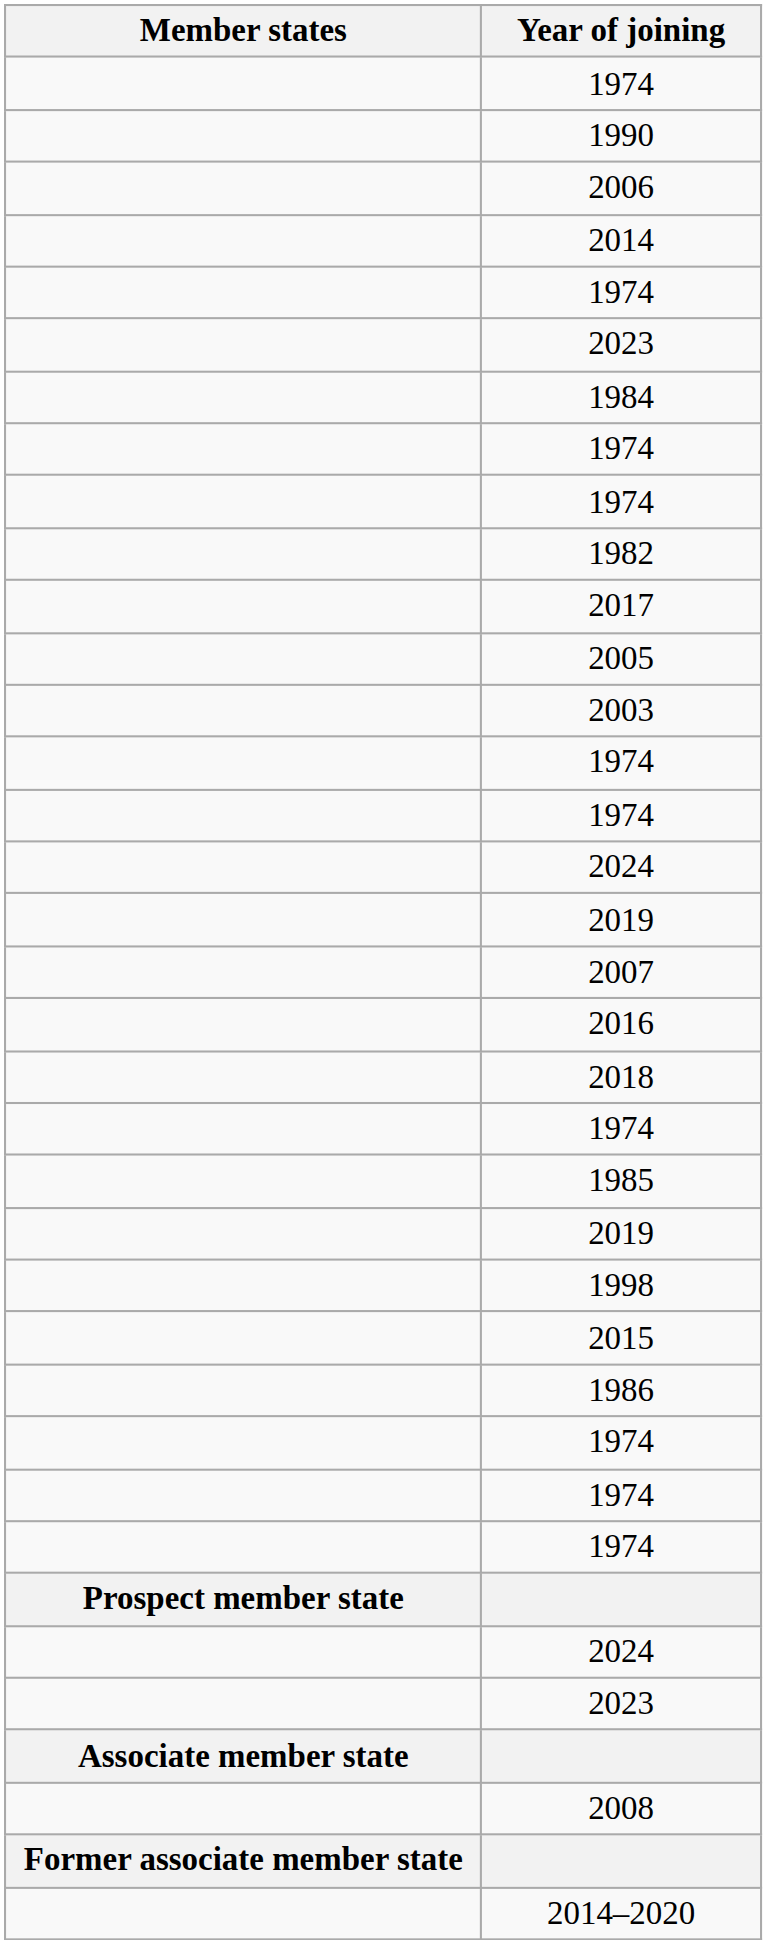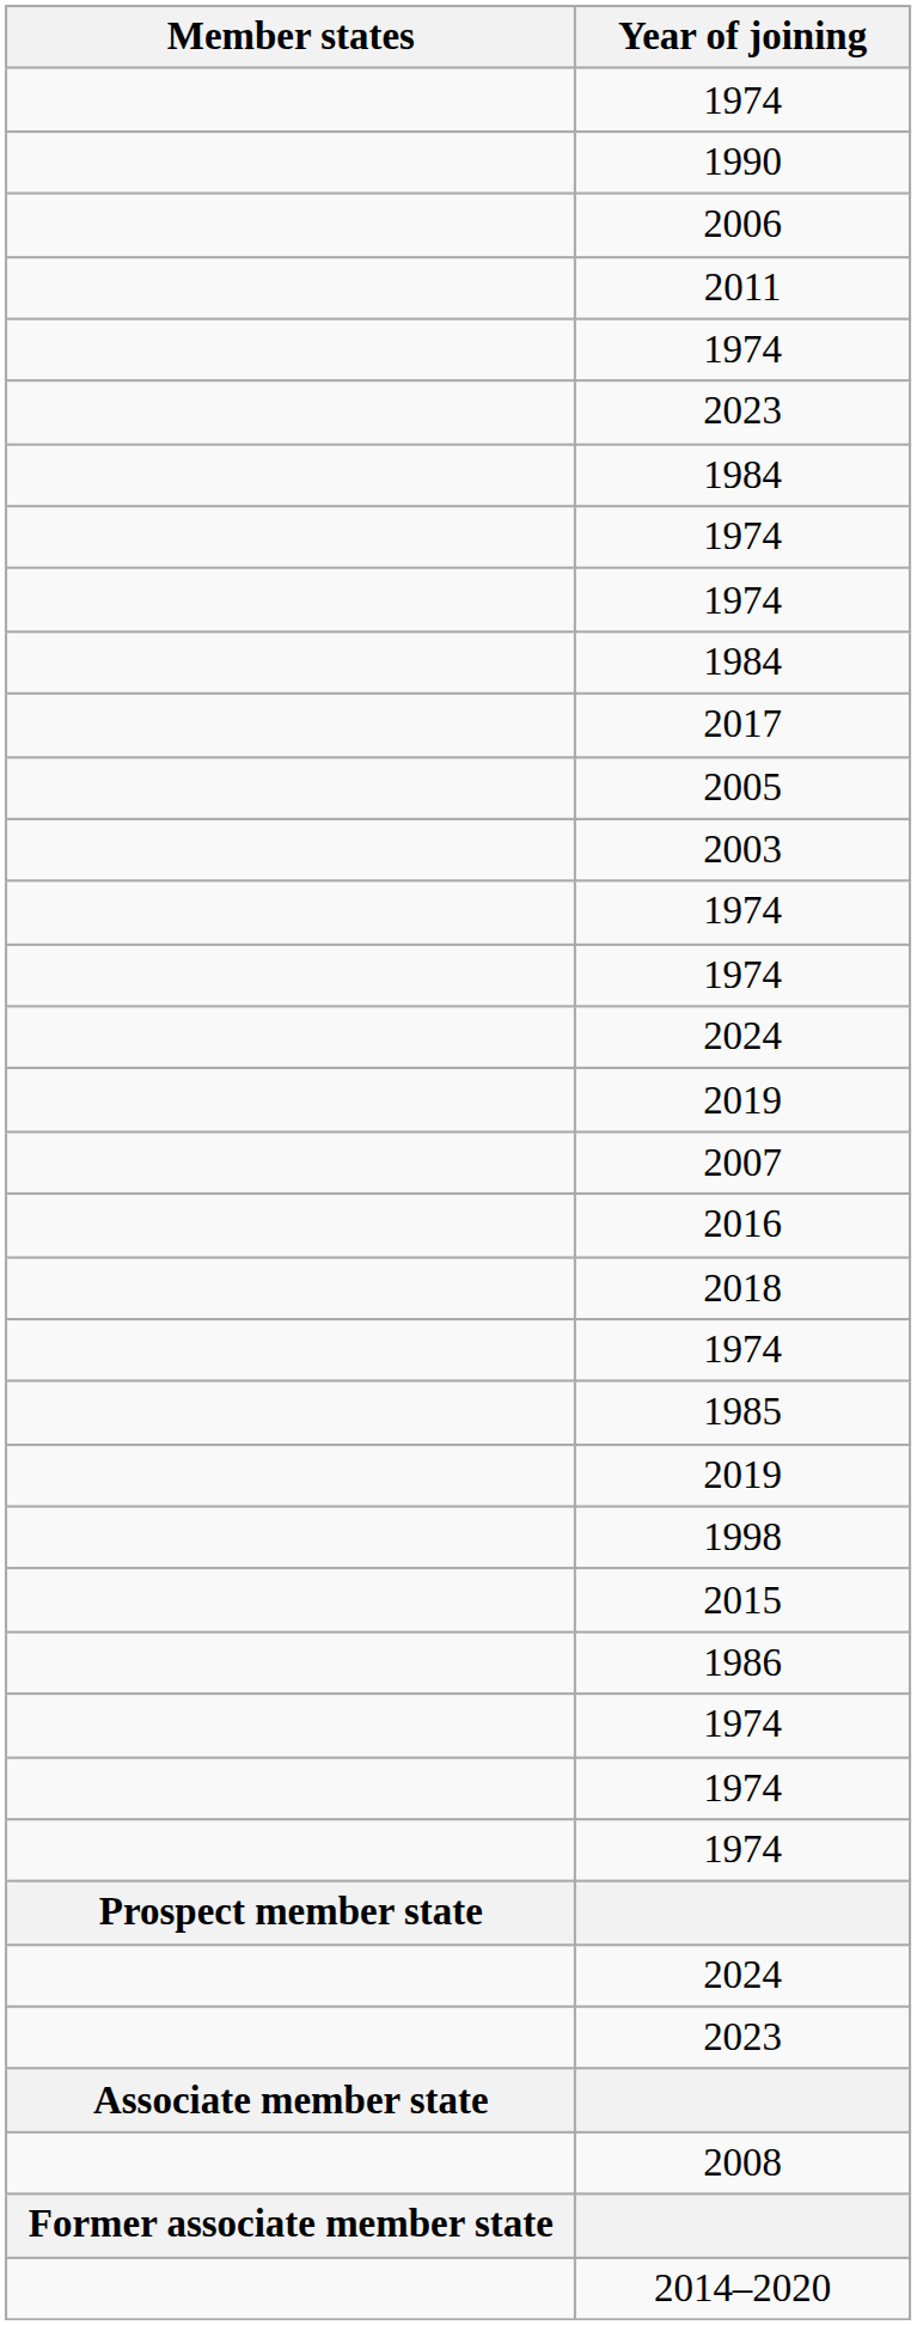 <table class="sortable wikitable">
 <tr>
 <th style="width:14em;">Member states</th>
 <th style="width:8em;">Year of joining</th>
 </tr>
 <tr>
 <td></td>
 <td align="center">1974</td>
 </tr>
 <tr>
 <td></td>
 <td align="center">1990</td>
 </tr>
 <tr>
 <td></td>
 <td align="center">2006</td>
 </tr>
 <tr>
 <td></td>
-<td align="center">2014</td>
+<td align="center">2011</td>
 </tr>
 <tr>
 <td></td>
 <td align="center">1974</td>
 </tr>
 <tr>
 <td></td>
 <td align="center">2023</td>
 </tr>
 <tr>
 <td></td>
 <td align="center">1984</td>
 </tr>
 <tr>
 <td></td>
 <td align="center">1974</td>
 </tr>
 <tr>
 <td></td>
 <td align="center">1974</td>
 </tr>
 <tr>
 <td></td>
-<td align="center">1982</td>
+<td align="center">1984</td>
 </tr>
 <tr>
 <td></td>
 <td align="center">2017</td>
 </tr>
 <tr>
 <td></td>
 <td align="center">2005</td>
 </tr>
 <tr>
 <td></td>
 <td align="center">2003</td>
 </tr>
 <tr>
 <td></td>
 <td align="center">1974</td>
 </tr>
 <tr>
 <td></td>
 <td align="center">1974</td>
 </tr>
 <tr>
 <td></td>
 <td align="center">2024</td>
 </tr>
 <tr>
 <td></td>
 <td align="center">2019</td>
 </tr>
 <tr>
 <td></td>
 <td align="center">2007</td>
 </tr>
 <tr>
 <td></td>
 <td align="center">2016</td>
 </tr>
 <tr>
 <td></td>
 <td align="center">2018</td>
 </tr>
 <tr>
 <td></td>
 <td align="center">1974</td>
 </tr>
 <tr>
 <td></td>
 <td align="center">1985</td>
 </tr>
 <tr>
 <td></td>
 <td align="center">2019</td>
 </tr>
 <tr>
 <td></td>
 <td align="center">1998</td>
 </tr>
 <tr>
 <td></td>
 <td align="center">2015</td>
 </tr>
 <tr>
 <td></td>
 <td align="center">1986</td>
 </tr>
 <tr>
 <td></td>
 <td align="center">1974</td>
 </tr>
 <tr>
 <td></td>
 <td align="center">1974</td>
 </tr>
 <tr>
 <td></td>
 <td align="center">1974</td>
 </tr>
 <tr>
 <th style="width:12em;">Prospect member state</th>
 <th></th>
 </tr>
 <tr>
 <td></td>
 <td align="center">2024</td>
 </tr>
 <tr>
 <td></td>
 <td align="center">2023</td>
 </tr>
 <tr>
 <th style="width:12em;">Associate member state</th>
 <th></th>
 </tr>
 <tr>
 <td></td>
 <td align="center">2008</td>
 </tr>
 <tr>
 <th style="width:12em;">Former associate member state</th>
 <th></th>
 </tr>
 <tr>
 <td></td>
 <td align="center">2014–2020</td>
 </tr>
 </table>
